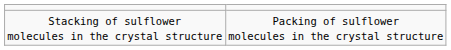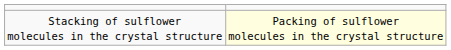 <table class="wikitable" style="margin:1em auto; text-align:center;">
 <tr>
 <td></td>
 <td></td>
 </tr>
 <tr>
 <td><small>Stacking of sulflower<br>molecules in the crystal structure</small></td>
-<td><small>Packing of sulflower<br>molecules in the crystal structure</small></td>
+<td style="background: lightyellow;"><small>Packing of sulflower<br>molecules in the crystal structure</small></td>
 </tr>
 </table>
